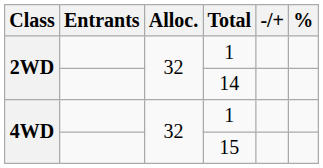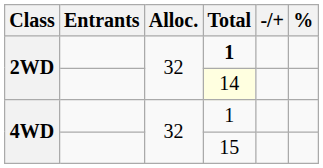 <table class="wikitable">
 <tr>
 <th>Class</th>
 <th>Entrants</th>
 <th align="center">Alloc.</th>
 <th align="center">Total</th>
 <th align="center">-/+</th>
 <th align="center">%</th>
 </tr>
 <tr>
 <th align="center" rowspan=2>2WD</th>
 <td></td>
 <td align="center" rowspan=2>32</td>
-<td align="center">1</td>
+<td align="center"><strong>1</strong></td>
 <td align="center"></td>
 <td align="center"></td>
 </tr>
 <tr>
 <td></td>
-<td align="center">14</td>
+<td align="center" style="background: lightyellow;">14</td>
 <td align="center"></td>
 </tr>
 <tr>
 <th align="center" rowspan=2>4WD</th>
 <td></td>
 <td align="center" rowspan=2>32</td>
 <td align="center">1</td>
 <td align="center"></td>
 <td align="center"></td>
 </tr>
 <tr>
 <td></td>
 <td align="center">15</td>
 <td align="center"></td>
 </tr>
 </table>
